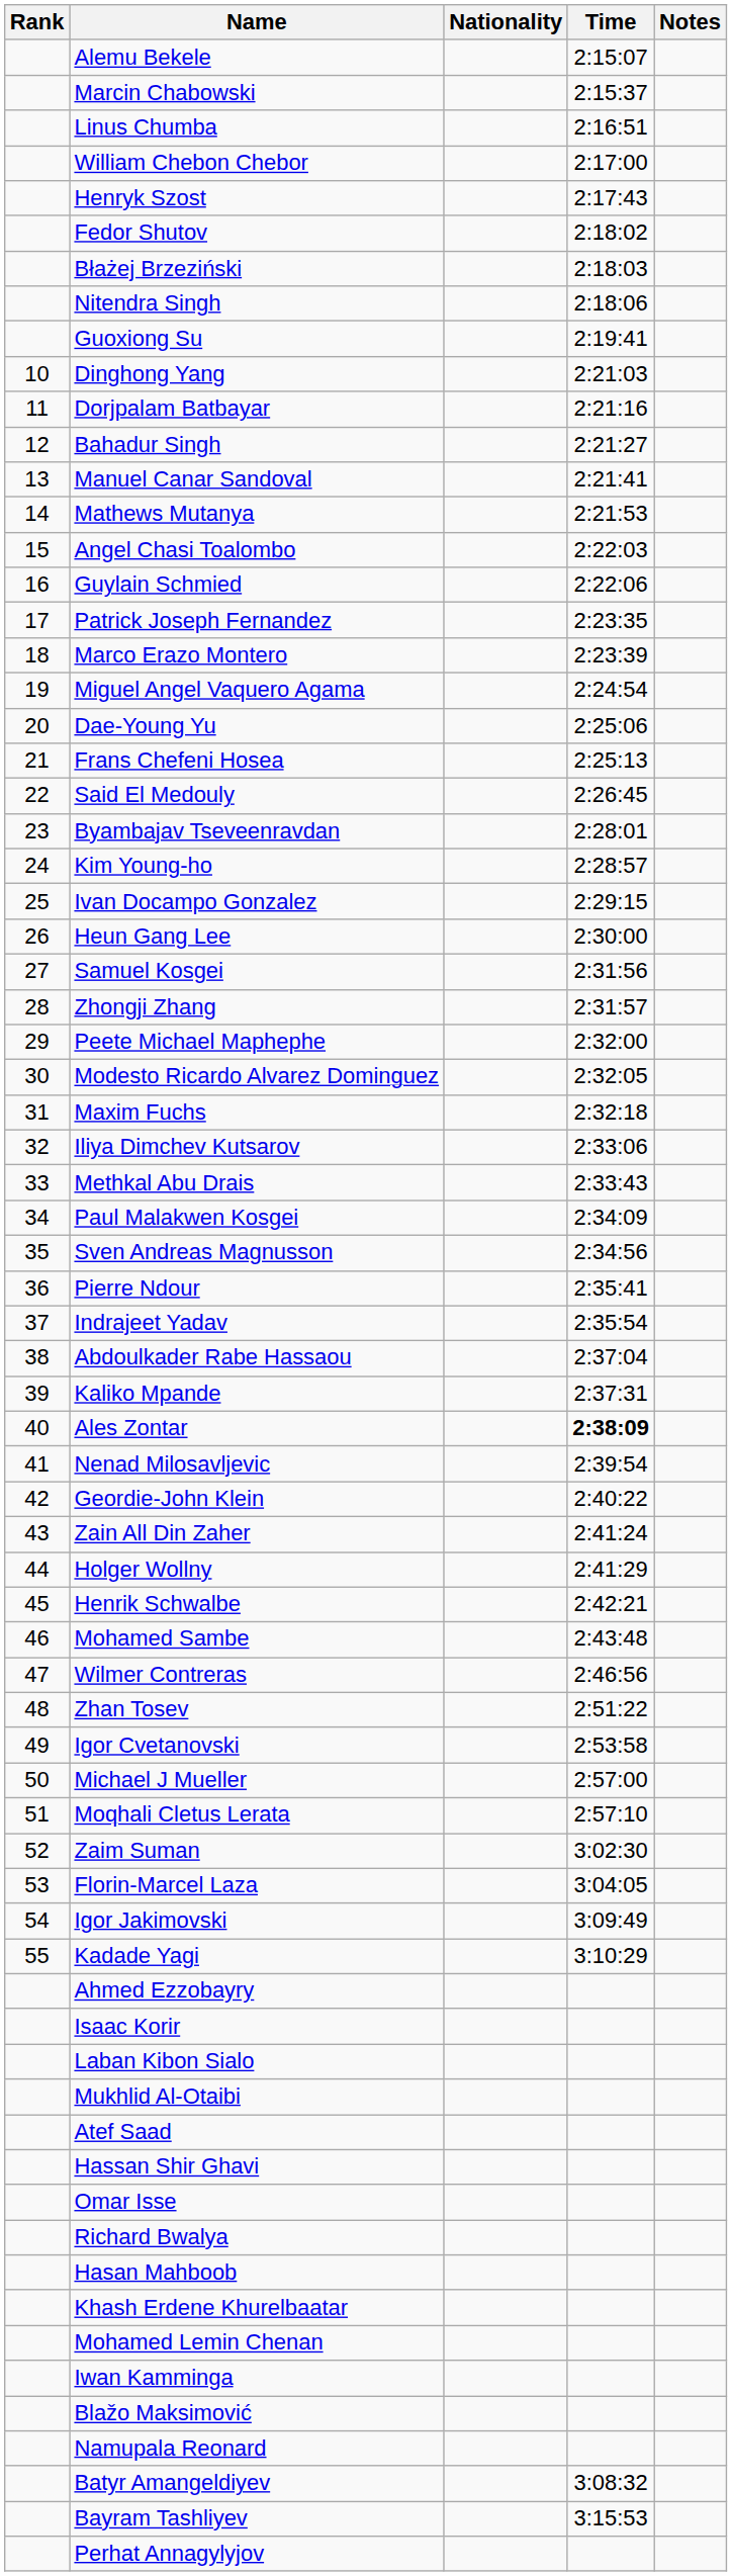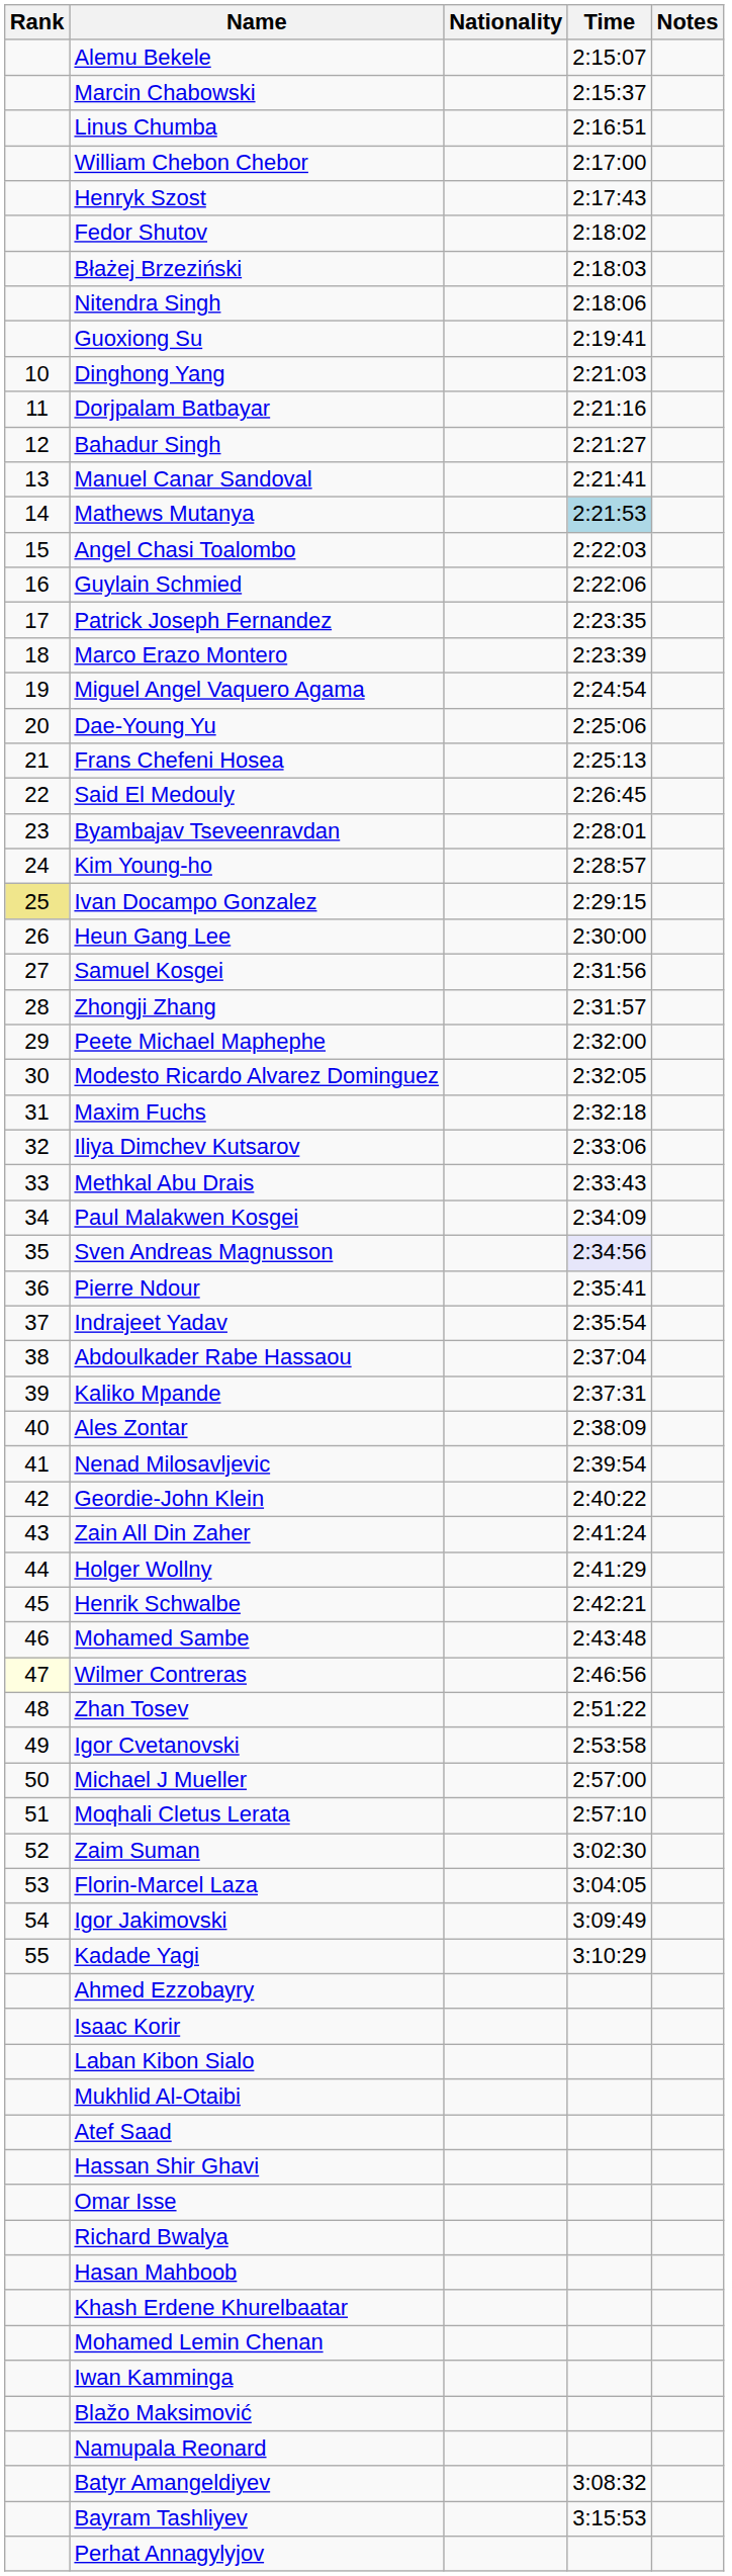 <table class="wikitable sortable" style="text-align:center">
 <tr>
 <th>Rank</th>
 <th>Name</th>
 <th>Nationality</th>
 <th>Time</th>
 <th>Notes</th>
 </tr>
 <tr>
 <td></td>
 <td align=left><a href='#'>Alemu Bekele</a></td>
 <td align=left></td>
 <td>2:15:07</td>
 <td></td>
 </tr>
 <tr>
 <td></td>
 <td align=left><a href='#'>Marcin Chabowski</a></td>
 <td align=left></td>
 <td>2:15:37</td>
 <td></td>
 </tr>
 <tr>
 <td></td>
 <td align=left><a href='#'>Linus Chumba</a></td>
 <td align=left></td>
 <td>2:16:51</td>
 <td></td>
 </tr>
 <tr>
 <td></td>
 <td align=left><a href='#'>William Chebon Chebor</a></td>
 <td align=left></td>
 <td>2:17:00</td>
 <td></td>
 </tr>
 <tr>
 <td></td>
 <td align=left><a href='#'>Henryk Szost</a></td>
 <td align=left></td>
 <td>2:17:43</td>
 <td></td>
 </tr>
 <tr>
 <td></td>
 <td align=left><a href='#'>Fedor Shutov</a></td>
 <td align=left></td>
 <td>2:18:02</td>
 <td></td>
 </tr>
 <tr>
 <td></td>
 <td align=left><a href='#'>Błażej Brzeziński</a></td>
 <td align=left></td>
 <td>2:18:03</td>
 <td></td>
 </tr>
 <tr>
 <td></td>
 <td align=left><a href='#'>Nitendra Singh</a></td>
 <td align=left></td>
 <td>2:18:06</td>
 <td></td>
 </tr>
 <tr>
 <td></td>
 <td align=left><a href='#'>Guoxiong Su</a></td>
 <td align=left></td>
 <td>2:19:41</td>
 <td></td>
 </tr>
 <tr>
 <td>10</td>
 <td align=left><a href='#'>Dinghong Yang</a></td>
 <td align=left></td>
 <td>2:21:03</td>
 <td></td>
 </tr>
 <tr>
 <td>11</td>
 <td align=left><a href='#'>Dorjpalam Batbayar</a></td>
 <td align=left></td>
 <td>2:21:16</td>
 <td></td>
 </tr>
 <tr>
 <td>12</td>
 <td align=left><a href='#'>Bahadur Singh</a></td>
 <td align=left></td>
 <td>2:21:27</td>
 <td></td>
 </tr>
 <tr>
 <td>13</td>
 <td align=left><a href='#'>Manuel Canar Sandoval</a></td>
 <td align=left></td>
 <td>2:21:41</td>
 <td></td>
 </tr>
 <tr>
 <td>14</td>
 <td align=left><a href='#'>Mathews Mutanya</a></td>
 <td align=left></td>
-<td>2:21:53</td>
+<td style="background: lightblue;">2:21:53</td>
 <td></td>
 </tr>
 <tr>
 <td>15</td>
 <td align=left><a href='#'>Angel Chasi Toalombo</a></td>
 <td align=left></td>
 <td>2:22:03</td>
 <td></td>
 </tr>
 <tr>
 <td>16</td>
 <td align=left><a href='#'>Guylain Schmied</a></td>
 <td align=left></td>
 <td>2:22:06</td>
 <td></td>
 </tr>
 <tr>
 <td>17</td>
 <td align=left><a href='#'>Patrick Joseph Fernandez</a></td>
 <td align=left></td>
 <td>2:23:35</td>
 <td></td>
 </tr>
 <tr>
 <td>18</td>
 <td align=left><a href='#'>Marco Erazo Montero</a></td>
 <td align=left></td>
 <td>2:23:39</td>
 <td></td>
 </tr>
 <tr>
 <td>19</td>
 <td align=left><a href='#'>Miguel Angel Vaquero Agama</a></td>
 <td align=left></td>
 <td>2:24:54</td>
 <td></td>
 </tr>
 <tr>
 <td>20</td>
 <td align=left><a href='#'>Dae-Young Yu</a></td>
 <td align=left></td>
 <td>2:25:06</td>
 <td></td>
 </tr>
 <tr>
 <td>21</td>
 <td align=left><a href='#'>Frans Chefeni Hosea</a></td>
 <td align=left></td>
 <td>2:25:13</td>
 <td></td>
 </tr>
 <tr>
 <td>22</td>
 <td align=left><a href='#'>Said El Medouly</a></td>
 <td align=left></td>
 <td>2:26:45</td>
 <td></td>
 </tr>
 <tr>
 <td>23</td>
 <td align=left><a href='#'>Byambajav Tseveenravdan</a></td>
 <td align=left></td>
 <td>2:28:01</td>
 <td></td>
 </tr>
 <tr>
 <td>24</td>
 <td align=left><a href='#'>Kim Young-ho</a></td>
 <td align=left></td>
 <td>2:28:57</td>
 <td></td>
 </tr>
 <tr>
-<td>25</td>
+<td style="background: khaki;">25</td>
 <td align=left><a href='#'>Ivan Docampo Gonzalez</a></td>
 <td align=left></td>
 <td>2:29:15</td>
 <td></td>
 </tr>
 <tr>
 <td>26</td>
 <td align=left><a href='#'>Heun Gang Lee</a></td>
 <td align=left></td>
 <td>2:30:00</td>
 <td></td>
 </tr>
 <tr>
 <td>27</td>
 <td align=left><a href='#'>Samuel Kosgei</a></td>
 <td align=left></td>
 <td>2:31:56</td>
 <td></td>
 </tr>
 <tr>
 <td>28</td>
 <td align=left><a href='#'>Zhongji Zhang</a></td>
 <td align=left></td>
 <td>2:31:57</td>
 <td></td>
 </tr>
 <tr>
 <td>29</td>
 <td align=left><a href='#'>Peete Michael Maphephe</a></td>
 <td align=left></td>
 <td>2:32:00</td>
 <td></td>
 </tr>
 <tr>
 <td>30</td>
 <td align=left><a href='#'>Modesto Ricardo Alvarez Dominguez</a></td>
 <td align=left></td>
 <td>2:32:05</td>
 <td></td>
 </tr>
 <tr>
 <td>31</td>
 <td align=left><a href='#'>Maxim Fuchs</a></td>
 <td align=left></td>
 <td>2:32:18</td>
 <td></td>
 </tr>
 <tr>
 <td>32</td>
 <td align=left><a href='#'>Iliya Dimchev Kutsarov</a></td>
 <td align=left></td>
 <td>2:33:06</td>
 <td></td>
 </tr>
 <tr>
 <td>33</td>
 <td align=left><a href='#'>Methkal Abu Drais</a></td>
 <td align=left></td>
 <td>2:33:43</td>
 <td></td>
 </tr>
 <tr>
 <td>34</td>
 <td align=left><a href='#'>Paul Malakwen Kosgei</a></td>
 <td align=left></td>
 <td>2:34:09</td>
 <td></td>
 </tr>
 <tr>
 <td>35</td>
 <td align=left><a href='#'>Sven Andreas Magnusson</a></td>
 <td align=left></td>
-<td>2:34:56</td>
+<td style="background: lavender;">2:34:56</td>
 <td></td>
 </tr>
 <tr>
 <td>36</td>
 <td align=left><a href='#'>Pierre Ndour</a></td>
 <td align=left></td>
 <td>2:35:41</td>
 <td></td>
 </tr>
 <tr>
 <td>37</td>
 <td align=left><a href='#'>Indrajeet Yadav</a></td>
 <td align=left></td>
 <td>2:35:54</td>
 <td></td>
 </tr>
 <tr>
 <td>38</td>
 <td align=left><a href='#'>Abdoulkader Rabe Hassaou</a></td>
 <td align=left></td>
 <td>2:37:04</td>
 <td></td>
 </tr>
 <tr>
 <td>39</td>
 <td align=left><a href='#'>Kaliko Mpande</a></td>
 <td align=left></td>
 <td>2:37:31</td>
 <td></td>
 </tr>
 <tr>
 <td>40</td>
 <td align=left><a href='#'>Ales Zontar</a></td>
 <td align=left></td>
-<td><strong>2:38:09</strong></td>
+<td>2:38:09</td>
 <td></td>
 </tr>
 <tr>
 <td>41</td>
 <td align=left><a href='#'>Nenad Milosavljevic</a></td>
 <td align=left></td>
 <td>2:39:54</td>
 <td></td>
 </tr>
 <tr>
 <td>42</td>
 <td align=left><a href='#'>Geordie-John Klein</a></td>
 <td align=left></td>
 <td>2:40:22</td>
 <td></td>
 </tr>
 <tr>
 <td>43</td>
 <td align=left><a href='#'>Zain All Din Zaher</a></td>
 <td align=left></td>
 <td>2:41:24</td>
 <td></td>
 </tr>
 <tr>
 <td>44</td>
 <td align=left><a href='#'>Holger Wollny</a></td>
 <td align=left></td>
 <td>2:41:29</td>
 <td></td>
 </tr>
 <tr>
 <td>45</td>
 <td align=left><a href='#'>Henrik Schwalbe</a></td>
 <td align=left></td>
 <td>2:42:21</td>
 <td></td>
 </tr>
 <tr>
 <td>46</td>
 <td align=left><a href='#'>Mohamed Sambe</a></td>
 <td align=left></td>
 <td>2:43:48</td>
 <td></td>
 </tr>
 <tr>
-<td>47</td>
+<td style="background: lightyellow;">47</td>
 <td align=left><a href='#'>Wilmer Contreras</a></td>
 <td align=left></td>
 <td>2:46:56</td>
 <td></td>
 </tr>
 <tr>
 <td>48</td>
 <td align=left><a href='#'>Zhan Tosev</a></td>
 <td align=left></td>
 <td>2:51:22</td>
 <td></td>
 </tr>
 <tr>
 <td>49</td>
 <td align=left><a href='#'>Igor Cvetanovski</a></td>
 <td align=left></td>
 <td>2:53:58</td>
 <td></td>
 </tr>
 <tr>
 <td>50</td>
 <td align=left><a href='#'>Michael J Mueller</a></td>
 <td align=left></td>
 <td>2:57:00</td>
 <td></td>
 </tr>
 <tr>
 <td>51</td>
 <td align=left><a href='#'>Moqhali Cletus Lerata</a></td>
 <td align=left></td>
 <td>2:57:10</td>
 <td></td>
 </tr>
 <tr>
 <td>52</td>
 <td align=left><a href='#'>Zaim Suman</a></td>
 <td align=left></td>
 <td>3:02:30</td>
 <td></td>
 </tr>
 <tr>
 <td>53</td>
 <td align=left><a href='#'>Florin-Marcel Laza</a></td>
 <td align=left></td>
 <td>3:04:05</td>
 <td></td>
 </tr>
 <tr>
 <td>54</td>
 <td align=left><a href='#'>Igor Jakimovski</a></td>
 <td align=left></td>
 <td>3:09:49</td>
 <td></td>
 </tr>
 <tr>
 <td>55</td>
 <td align=left><a href='#'>Kadade Yagi</a></td>
 <td align=left></td>
 <td>3:10:29</td>
 <td></td>
 </tr>
 <tr>
 <td></td>
 <td align=left><a href='#'>Ahmed Ezzobayry</a></td>
 <td align=left></td>
 <td></td>
 <td></td>
 </tr>
 <tr>
 <td></td>
 <td align=left><a href='#'>Isaac Korir</a></td>
 <td align=left></td>
 <td></td>
 <td></td>
 </tr>
 <tr>
 <td></td>
 <td align=left><a href='#'>Laban Kibon Sialo</a></td>
 <td align=left></td>
 <td></td>
 <td></td>
 </tr>
 <tr>
 <td></td>
 <td align=left><a href='#'>Mukhlid Al-Otaibi</a></td>
 <td align=left></td>
 <td></td>
 <td></td>
 </tr>
 <tr>
 <td></td>
 <td align=left><a href='#'>Atef Saad</a></td>
 <td align=left></td>
 <td></td>
 <td></td>
 </tr>
 <tr>
 <td></td>
 <td align=left><a href='#'>Hassan Shir Ghavi</a></td>
 <td align=left></td>
 <td></td>
 <td></td>
 </tr>
 <tr>
 <td></td>
 <td align=left><a href='#'>Omar Isse</a></td>
 <td align=left></td>
 <td></td>
 <td></td>
 </tr>
 <tr>
 <td></td>
 <td align=left><a href='#'>Richard Bwalya</a></td>
 <td align=left></td>
 <td></td>
 <td></td>
 </tr>
 <tr>
 <td></td>
 <td align=left><a href='#'>Hasan Mahboob</a></td>
 <td align=left></td>
 <td></td>
 <td></td>
 </tr>
 <tr>
 <td></td>
 <td align=left><a href='#'>Khash Erdene Khurelbaatar</a></td>
 <td align=left></td>
 <td></td>
 <td></td>
 </tr>
 <tr>
 <td></td>
 <td align=left><a href='#'>Mohamed Lemin Chenan</a></td>
 <td align=left></td>
 <td></td>
 <td></td>
 </tr>
 <tr>
 <td></td>
 <td align=left><a href='#'>Iwan Kamminga</a></td>
 <td align=left></td>
 <td></td>
 <td></td>
 </tr>
 <tr>
 <td></td>
 <td align=left><a href='#'>Blažo Maksimović</a></td>
 <td align=left></td>
 <td></td>
 <td></td>
 </tr>
 <tr>
 <td></td>
 <td align=left><a href='#'>Namupala Reonard</a></td>
 <td align=left></td>
 <td></td>
 <td></td>
 </tr>
 <tr>
 <td></td>
 <td align=left><a href='#'>Batyr Amangeldiyev</a></td>
 <td align=left></td>
 <td>3:08:32</td>
 <td></td>
 </tr>
 <tr>
 <td></td>
 <td align=left><a href='#'>Bayram Tashliyev</a></td>
 <td align=left></td>
 <td>3:15:53</td>
 <td></td>
 </tr>
 <tr>
 <td></td>
 <td align=left><a href='#'>Perhat Annagylyjov</a></td>
 <td align=left></td>
 <td></td>
 <td></td>
 </tr>
 </table>
